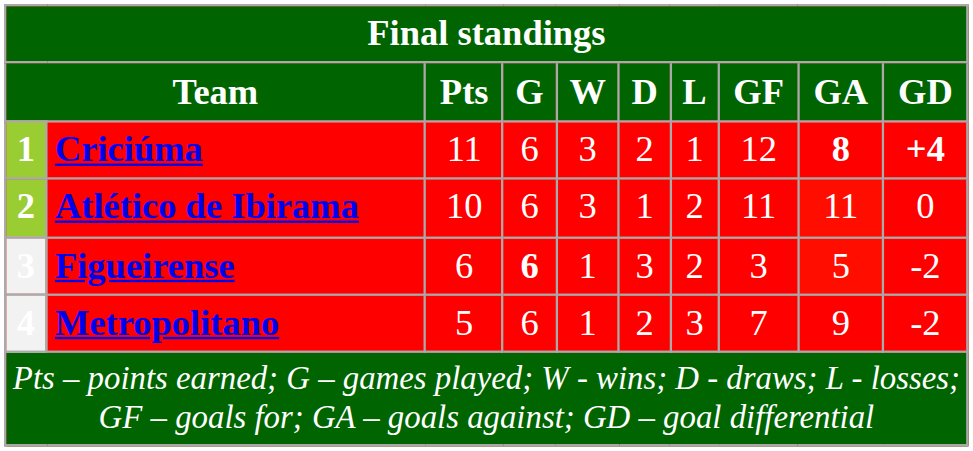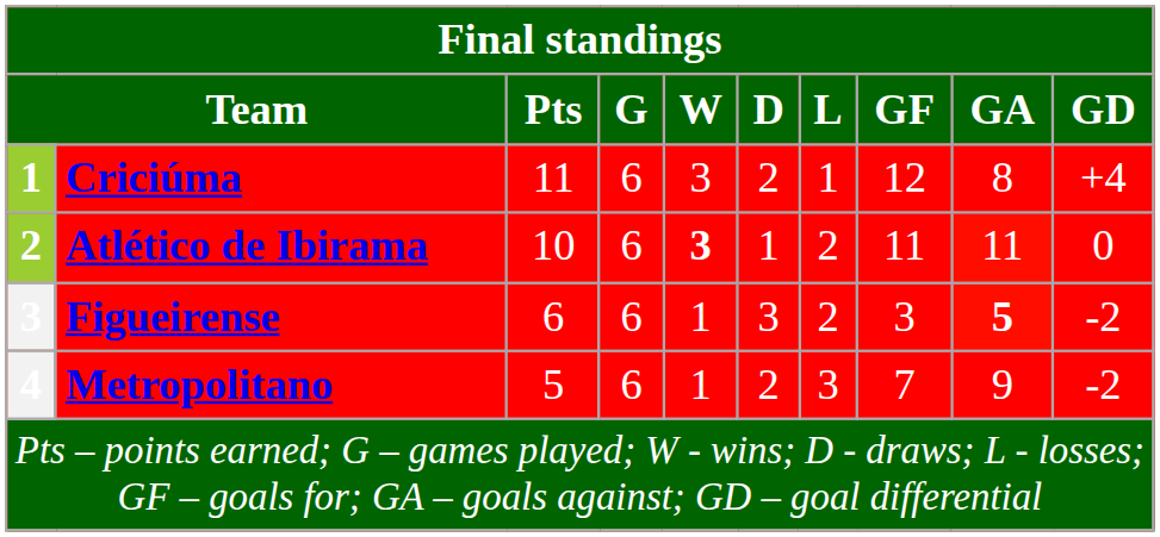 <table class="wikitable" style="text-align:center; color:white; background:#ff0000">
 <tr>
 <th style="background:#006400" colspan="10">Final standings</th>
 </tr>
 <tr>
 <th style="background:#006400" colspan="2">Team</th>
 <th style="background:#006400">Pts</th>
 <th style="background:#006400">G</th>
 <th style="background:#006400">W</th>
 <th style="background:#006400">D</th>
 <th style="background:#006400">L</th>
 <th style="background:#006400">GF</th>
 <th style="background:#006400">GA</th>
 <th style="background:#006400">GD</th>
 </tr>
 <tr>
 <th style="background:#9ACD32">1</th>
 <td align="left"><a href='#'><span><strong>Criciúma</strong></span></a></td>
 <td bgcolor=#ff0000 align="center"><span>11</span></td>
 <td bgcolor=#ff0000 align="center"><span>6</span></td>
 <td bgcolor=#ff0000 align="center"><span>3</span></td>
 <td bgcolor=#ff0000 align="center"><span>2</span></td>
 <td bgcolor=#ff0000 align="center"><span>1</span></td>
 <td bgcolor=#ff0000 align="center"><span>12</span></td>
-<td bgcolor=#ff0000 align="center"><strong><span>8</span></strong></td>
-<td bgcolor=#ff0000 align="center"><strong><span>+4</span></strong></td>
+<td bgcolor=#ff0000 align="center"><span>8</span></td>
+<td bgcolor=#ff0000 align="center"><span>+4</span></td>
 </tr>
 <tr>
 <th style="background:#9ACD32">2</th>
 <td align="left"><a href='#'><span> <strong>Atlético de Ibirama</strong></span></a></td>
 <td bgcolor=#ff0000 align="center"><span>10</span></td>
 <td bgcolor=#ff0000 align="center"><span>6</span></td>
-<td bgcolor=#ff0000 align="center"><span>3</span></td>
+<td bgcolor=#ff0000 align="center"><strong><span>3</span></strong></td>
 <td bgcolor=#ff0000 align="center"><span>1</span></td>
 <td bgcolor=#ff0000 align="center"><span>2</span></td>
 <td bgcolor=#ff0000 align="center"><span>11</span></td>
 <td bgcolor=#ff0E00 align="center"><span>11</span></td>
 <td bgcolor=#ff0000 align="center"><span>0</span></td>
 </tr>
 <tr>
 <th>3</th>
 <td align="left"><a href='#'><span> <strong>Figueirense</strong></span></a></td>
 <td bgcolor=#ff0000 align="center"><span>6</span></td>
-<td bgcolor=#ff0000 align="center"><strong><span>6</span></strong></td>
+<td bgcolor=#ff0000 align="center"><span>6</span></td>
 <td bgcolor=#ff0000 align="center"><span>1</span></td>
 <td bgcolor=#ff0000 align="center"><span>3</span></td>
 <td bgcolor=#ff0000 align="center"><span>2</span></td>
 <td bgcolor=#ff0000 align="center"><span>3</span></td>
-<td bgcolor=#ff0E00 align="center"><span>5</span></td>
+<td bgcolor=#ff0E00 align="center"><strong><span>5</span></strong></td>
 <td bgcolor=#ff0000 align="center"><span>-2</span></td>
 </tr>
 <tr>
 <th>4</th>
 <td align="left"><a href='#'><span> <strong>Metropolitano</strong></span></a></td>
 <td bgcolor=#ff0000 align="center"><span>5</span></td>
 <td bgcolor=#ff0000 align="center"><span>6</span></td>
 <td bgcolor=#ff0000 align="center"><span>1</span></td>
 <td bgcolor=#ff0000 align="center"><span>2</span></td>
 <td bgcolor=#ff0000 align="center"><span>3</span></td>
 <td bgcolor=#ff0000 align="center"><span>7</span></td>
 <td bgcolor=#ff0000 align="center"><span>9</span></td>
 <td bgcolor=#ff0000 align="center"><span>-2</span></td>
 </tr>
 <tr>
 <td colspan="10" style="background:#006400; font-size:90%; font-style:italic">Pts – points earned; G – games played; W - wins; D - draws; L - losses;<br>GF – goals for; GA – goals against; GD – goal differential</td>
 </tr>
 </table>
